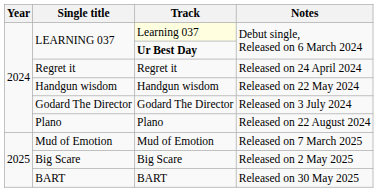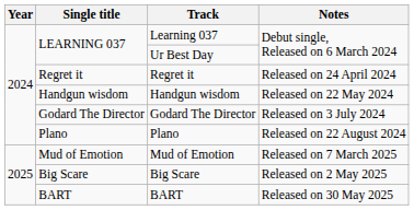 <table class="wikitable sortable">
 <tr>
 <th>Year</th>
 <th>Single title</th>
 <th>Track</th>
 <th>Notes</th>
 </tr>
 <tr>
 <td rowspan="6">2024</td>
 <td rowspan="2">LEARNING 037</td>
-<td style="background: lightyellow;">Learning 037</td>
+<td>Learning 037</td>
 <td rowspan="2">Debut single,<br>Released on 6 March 2024</td>
 </tr>
 <tr>
-<td><strong>Ur Best Day</strong></td>
+<td>Ur Best Day</td>
 </tr>
 <tr>
 <td>Regret it</td>
 <td>Regret it</td>
 <td>Released on 24 April 2024</td>
 </tr>
 <tr>
 <td>Handgun wisdom</td>
 <td>Handgun wisdom</td>
 <td>Released on 22 May 2024</td>
 </tr>
 <tr>
 <td>Godard The Director</td>
 <td>Godard The Director</td>
 <td>Released on 3 July 2024</td>
 </tr>
 <tr>
 <td>Plano</td>
 <td>Plano</td>
 <td>Released on 22 August 2024</td>
 </tr>
 <tr>
 <td rowspan="3">2025</td>
 <td>Mud of Emotion</td>
 <td>Mud of Emotion</td>
 <td>Released on 7 March 2025</td>
 </tr>
 <tr>
 <td>Big Scare</td>
 <td>Big Scare</td>
 <td>Released on 2 May 2025</td>
 </tr>
 <tr>
 <td>BART</td>
 <td>BART</td>
 <td>Released on 30 May 2025</td>
 </tr>
 </table>
